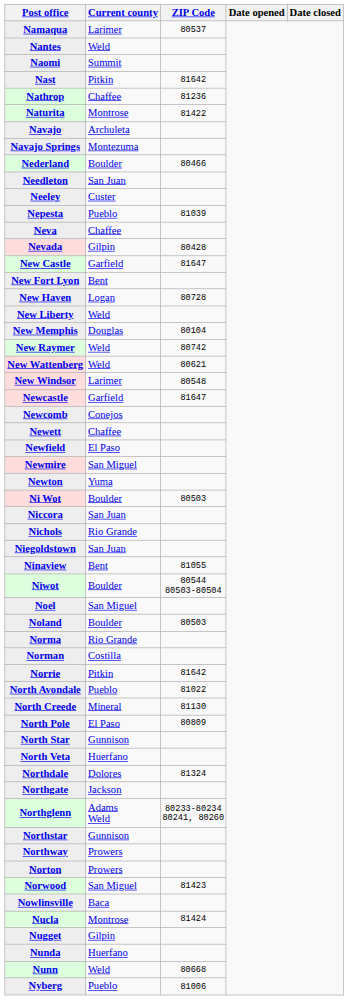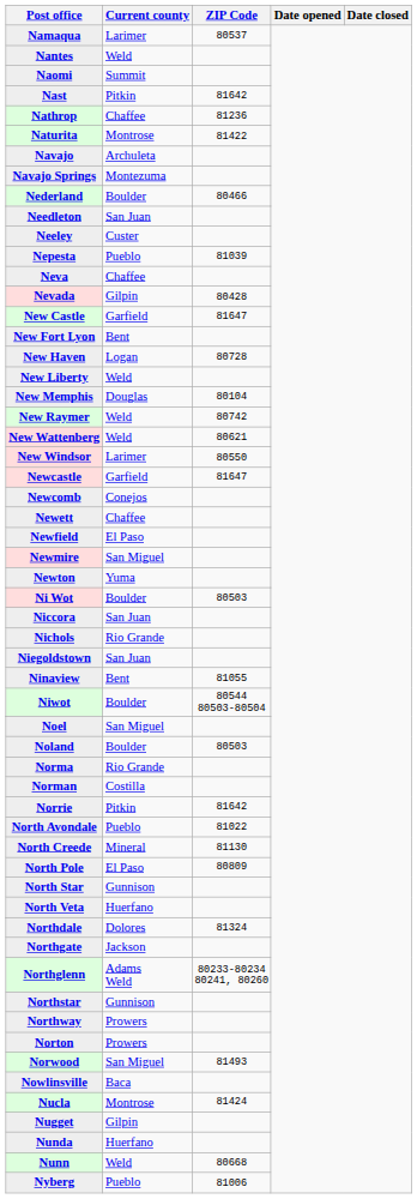 <table class="wikitable sortable  plainrowheaders" style="margin:auto;">
 <tr>
 <th scope=col><a href='#'>Post office</a></th>
 <th scope=col><a href='#'>Current county</a></th>
 <th scope=col><a href='#'>ZIP Code</a></th>
 <th scope=col>Date opened</th>
 <th scope=col>Date closed</th>
 </tr>
 <tr>
 <th scope=row rowspan=1 style="background-color:#EEEEEE;"><a href='#'>Namaqua</a></th>
 <td rowspan=1><a href='#'>Larimer</a></td>
 <td rowspan=1 align=center style="font-family:monospace;">80537<br> </td>
 </tr>
 <tr>
 <th scope=row rowspan=1 style="background-color:#EEEEEE;"><a href='#'>Nantes</a></th>
 <td rowspan=1><a href='#'>Weld</a></td>
 <td rowspan=1 align=center style="font-family:monospace;"><br> </td>
 </tr>
 <tr>
 <th scope=row rowspan=1 style="background-color:#EEEEEE;"><a href='#'>Naomi</a></th>
 <td rowspan=1><a href='#'>Summit</a></td>
 <td rowspan=1 align=center style="font-family:monospace;"><br> </td>
 </tr>
 <tr>
 <th scope=row rowspan=1 style="background-color:#EEEEEE;"><a href='#'>Nast</a></th>
 <td rowspan=1><a href='#'>Pitkin</a></td>
 <td rowspan=1 align=center style="font-family:monospace;">81642<br> </td>
 </tr>
 <tr>
 <th scope=row rowspan=1 style="background-color:#DDFFDD;"><a href='#'>Nathrop</a></th>
 <td rowspan=1><a href='#'>Chaffee</a></td>
 <td rowspan=1 align=center style="font-family:monospace;">81236<br> </td>
 </tr>
 <tr>
 <th scope=row rowspan=1 style="background-color:#DDFFDD;"><a href='#'>Naturita</a></th>
 <td rowspan=1><a href='#'>Montrose</a></td>
 <td rowspan=1 align=center style="font-family:monospace;">81422<br> </td>
 </tr>
 <tr>
 <th scope=row rowspan=1 style="background-color:#EEEEEE;"><a href='#'>Navajo</a></th>
 <td rowspan=1><a href='#'>Archuleta</a></td>
 <td rowspan=1 align=center style="font-family:monospace;"><br> </td>
 </tr>
 <tr>
 <th scope=row rowspan=1 style="background-color:#EEEEEE;"><a href='#'>Navajo Springs</a></th>
 <td rowspan=1><a href='#'>Montezuma</a></td>
 <td rowspan=1 align=center style="font-family:monospace;"><br> </td>
 </tr>
 <tr>
 <th scope=row rowspan=1 style="background-color:#DDFFDD;"><a href='#'>Nederland</a></th>
 <td rowspan=1><a href='#'>Boulder</a></td>
 <td rowspan=1 align=center style="font-family:monospace;">80466<br> </td>
 </tr>
 <tr>
 <th scope=row rowspan=3 style="background-color:#EEEEEE;"><a href='#'>Needleton</a></th>
 <td rowspan=3><a href='#'>San Juan</a></td>
 <td rowspan=3 align=center style="font-family:monospace;"><br> </td>
 </tr>
 <tr>
 </tr>
 <tr>
 </tr>
 <tr>
 <th scope=row rowspan=1 style="background-color:#EEEEEE;"><a href='#'>Neeley</a></th>
 <td rowspan=1><a href='#'>Custer</a></td>
 <td rowspan=1 align=center style="font-family:monospace;"><br> </td>
 </tr>
 <tr>
 <th scope=row rowspan=1 style="background-color:#EEEEEE;"><a href='#'>Nepesta</a></th>
 <td rowspan=1><a href='#'>Pueblo</a></td>
 <td rowspan=1 align=center style="font-family:monospace;">81039<br> </td>
 </tr>
 <tr>
 <th scope=row rowspan=1 style="background-color:#EEEEEE;"><a href='#'>Neva</a></th>
 <td rowspan=1><a href='#'>Chaffee</a></td>
 <td rowspan=1 align=center style="font-family:monospace;"><br> </td>
 </tr>
 <tr>
 <th scope=row rowspan=1 style="background-color:#FFDDDD;"><a href='#'>Nevada</a></th>
 <td rowspan=1><a href='#'>Gilpin</a></td>
 <td rowspan=1 align=center style="font-family:monospace;">80428<br> </td>
 </tr>
 <tr>
 <th scope=row rowspan=1 style="background-color:#DDFFDD;"><a href='#'>New Castle</a></th>
 <td rowspan=1><a href='#'>Garfield</a></td>
 <td rowspan=1 align=center style="font-family:monospace;">81647<br> </td>
 </tr>
 <tr>
 <th scope=row rowspan=1 style="background-color:#EEEEEE;"><a href='#'>New Fort Lyon</a></th>
 <td rowspan=1><a href='#'>Bent</a></td>
 <td rowspan=1 align=center style="font-family:monospace;"><br> </td>
 </tr>
 <tr>
 <th scope=row rowspan=1 style="background-color:#EEEEEE;"><a href='#'>New Haven</a></th>
 <td rowspan=1><a href='#'>Logan</a></td>
 <td rowspan=1 align=center style="font-family:monospace;">80728<br> </td>
 </tr>
 <tr>
 <th scope=row rowspan=1 style="background-color:#EEEEEE;"><a href='#'>New Liberty</a></th>
 <td rowspan=1><a href='#'>Weld</a></td>
 <td rowspan=1 align=center style="font-family:monospace;"><br> </td>
 </tr>
 <tr>
 <th scope=row rowspan=1 style="background-color:#EEEEEE;"><a href='#'>New Memphis</a></th>
 <td rowspan=1><a href='#'>Douglas</a></td>
 <td rowspan=1 align=center style="font-family:monospace;">80104<br> </td>
 </tr>
 <tr>
 <th scope=row rowspan=1 style="background-color:#DDFFDD;"><a href='#'>New Raymer</a></th>
 <td rowspan=1><a href='#'>Weld</a></td>
 <td rowspan=1 align=center style="font-family:monospace;">80742<br> </td>
 </tr>
 <tr>
 <th scope=row rowspan=1 style="background-color:#FFDDDD;"><a href='#'>New Wattenberg</a></th>
 <td rowspan=1><a href='#'>Weld</a></td>
 <td rowspan=1 align=center style="font-family:monospace;">80621<br> </td>
 </tr>
 <tr>
 <th scope=row rowspan=1 style="background-color:#FFDDDD;"><a href='#'>New Windsor</a></th>
 <td rowspan=1><a href='#'>Larimer</a></td>
-<td rowspan=1 align=center style="font-family:monospace;">80548<br> </td>
+<td rowspan=1 align=center style="font-family:monospace;">80550<br> </td>
 </tr>
 <tr>
 <th scope=row rowspan=1 style="background-color:#FFDDDD;"><a href='#'>Newcastle</a></th>
 <td rowspan=1><a href='#'>Garfield</a></td>
 <td rowspan=1 align=center style="font-family:monospace;">81647<br> </td>
 </tr>
 <tr>
 <th scope=row rowspan=1 style="background-color:#EEEEEE;"><a href='#'>Newcomb</a></th>
 <td rowspan=1><a href='#'>Conejos</a></td>
 <td rowspan=1 align=center style="font-family:monospace;"><br> </td>
 </tr>
 <tr>
 <th scope=row rowspan=2 style="background-color:#EEEEEE;"><a href='#'>Newett</a></th>
 <td rowspan=2><a href='#'>Chaffee</a></td>
 <td rowspan=2 align=center style="font-family:monospace;"><br> </td>
 </tr>
 <tr>
 </tr>
 <tr>
 <th scope=row rowspan=1 style="background-color:#EEEEEE;"><a href='#'>Newfield</a></th>
 <td rowspan=1><a href='#'>El Paso</a></td>
 <td rowspan=1 align=center style="font-family:monospace;"><br> </td>
 </tr>
 <tr>
 <th scope=row rowspan=1 style="background-color:#FFDDDD;"><a href='#'>Newmire</a></th>
 <td rowspan=1><a href='#'>San Miguel</a></td>
 <td rowspan=1 align=center style="font-family:monospace;"><br> </td>
 </tr>
 <tr>
 <th scope=row rowspan=1 style="background-color:#EEEEEE;"><a href='#'>Newton</a></th>
 <td rowspan=1><a href='#'>Yuma</a></td>
 <td rowspan=1 align=center style="font-family:monospace;"><br> </td>
 </tr>
 <tr>
 <th scope=row rowspan=2 style="background-color:#FFDDDD;"><a href='#'>Ni Wot</a></th>
 <td rowspan=2><a href='#'>Boulder</a></td>
 <td rowspan=2 align=center style="font-family:monospace;">80503<br> </td>
 </tr>
 <tr>
 </tr>
 <tr>
 <th scope=row rowspan=1 style="background-color:#EEEEEE;"><a href='#'>Niccora</a></th>
 <td rowspan=1><a href='#'>San Juan</a></td>
 <td rowspan=1 align=center style="font-family:monospace;"><br> </td>
 </tr>
 <tr>
 <th scope=row rowspan=1 style="background-color:#EEEEEE;"><a href='#'>Nichols</a></th>
 <td rowspan=1><a href='#'>Rio Grande</a></td>
 <td rowspan=1 align=center style="font-family:monospace;"><br> </td>
 </tr>
 <tr>
 <th scope=row rowspan=1 style="background-color:#EEEEEE;"><a href='#'>Niegoldstown</a></th>
 <td rowspan=1><a href='#'>San Juan</a></td>
 <td rowspan=1 align=center style="font-family:monospace;"><br> </td>
 </tr>
 <tr>
 <th scope=row rowspan=1 style="background-color:#EEEEEE;"><a href='#'>Ninaview</a></th>
 <td rowspan=1><a href='#'>Bent</a></td>
 <td rowspan=1 align=center style="font-family:monospace;">81055<br> </td>
 </tr>
 <tr>
 <th scope=row rowspan=1 style="background-color:#DDFFDD;"><a href='#'>Niwot</a></th>
 <td rowspan=1><a href='#'>Boulder</a></td>
 <td rowspan=1 align=center style="font-family:monospace;">80544<br>80503-80504<br> </td>
 </tr>
 <tr>
 <th scope=row rowspan=2 style="background-color:#EEEEEE;"><a href='#'>Noel</a></th>
 <td rowspan=2><a href='#'>San Miguel</a></td>
 <td rowspan=2 align=center style="font-family:monospace;"><br> </td>
 </tr>
 <tr>
 </tr>
 <tr>
 <th scope=row rowspan=2 style="background-color:#EEEEEE;"><a href='#'>Noland</a></th>
 <td rowspan=2><a href='#'>Boulder</a></td>
 <td rowspan=2 align=center style="font-family:monospace;">80503<br> </td>
 </tr>
 <tr>
 </tr>
 <tr>
 <th scope=row rowspan=1 style="background-color:#EEEEEE;"><a href='#'>Norma</a></th>
 <td rowspan=1><a href='#'>Rio Grande</a></td>
 <td rowspan=1 align=center style="font-family:monospace;"><br> </td>
 </tr>
 <tr>
 <th scope=row rowspan=1 style="background-color:#EEEEEE;"><a href='#'>Norman</a></th>
 <td rowspan=1><a href='#'>Costilla</a></td>
 <td rowspan=1 align=center style="font-family:monospace;"><br> </td>
 </tr>
 <tr>
 <th scope=row rowspan=2 style="background-color:#EEEEEE;"><a href='#'>Norrie</a></th>
 <td rowspan=2><a href='#'>Pitkin</a></td>
 <td rowspan=2 align=center style="font-family:monospace;">81642<br> </td>
 </tr>
 <tr>
 </tr>
 <tr>
 <th scope=row rowspan=1 style="background-color:#EEEEEE;"><a href='#'>North Avondale</a></th>
 <td rowspan=1><a href='#'>Pueblo</a></td>
 <td rowspan=1 align=center style="font-family:monospace;">81022<br> </td>
 </tr>
 <tr>
 <th scope=row rowspan=1 style="background-color:#EEEEEE;"><a href='#'>North Creede</a></th>
 <td rowspan=1><a href='#'>Mineral</a></td>
 <td rowspan=1 align=center style="font-family:monospace;">81130<br> </td>
 </tr>
 <tr>
 <th scope=row rowspan=1 style="background-color:#EEEEEE;"><a href='#'>North Pole</a></th>
 <td rowspan=1><a href='#'>El Paso</a></td>
 <td rowspan=1 align=center style="font-family:monospace;">80809<br> </td>
 </tr>
 <tr>
 <th scope=row rowspan=1 style="background-color:#EEEEEE;"><a href='#'>North Star</a></th>
 <td rowspan=1><a href='#'>Gunnison</a></td>
 <td rowspan=1 align=center style="font-family:monospace;"><br> </td>
 </tr>
 <tr>
 <th scope=row rowspan=2 style="background-color:#EEEEEE;"><a href='#'>North Veta</a></th>
 <td rowspan=2><a href='#'>Huerfano</a></td>
 <td rowspan=2 align=center style="font-family:monospace;"><br> </td>
 </tr>
 <tr>
 </tr>
 <tr>
 <th scope=row rowspan=2 style="background-color:#EEEEEE;"><a href='#'>Northdale</a></th>
 <td rowspan=2><a href='#'>Dolores</a></td>
 <td rowspan=2 align=center style="font-family:monospace;">81324<br> </td>
 </tr>
 <tr>
 </tr>
 <tr>
 <th scope=row rowspan=1 style="background-color:#EEEEEE;"><a href='#'>Northgate</a></th>
 <td rowspan=1><a href='#'>Jackson</a></td>
 <td rowspan=1 align=center style="font-family:monospace;"><br> </td>
 </tr>
 <tr>
 <th scope=row rowspan=1 style="background-color:#DDFFDD;"><a href='#'>Northglenn</a></th>
 <td rowspan=1><a href='#'>Adams</a><br><a href='#'>Weld</a></td>
 <td rowspan=1 align=center style="font-family:monospace;">80233-80234<br>80241, 80260<br> </td>
 </tr>
 <tr>
 <th scope=row rowspan=1 style="background-color:#EEEEEE;"><a href='#'>Northstar</a></th>
 <td rowspan=1><a href='#'>Gunnison</a></td>
 <td rowspan=1 align=center style="font-family:monospace;"><br> </td>
 </tr>
 <tr>
 <th scope=row rowspan=1 style="background-color:#EEEEEE;"><a href='#'>Northway</a></th>
 <td rowspan=1><a href='#'>Prowers</a></td>
 <td rowspan=1 align=center style="font-family:monospace;"><br> </td>
 </tr>
 <tr>
 <th scope=row rowspan=1 style="background-color:#EEEEEE;"><a href='#'>Norton</a></th>
 <td rowspan=1><a href='#'>Prowers</a></td>
 <td rowspan=1 align=center style="font-family:monospace;"><br> </td>
 </tr>
 <tr>
 <th scope=row rowspan=1 style="background-color:#DDFFDD;"><a href='#'>Norwood</a></th>
 <td rowspan=1><a href='#'>San Miguel</a></td>
-<td rowspan=1 align=center style="font-family:monospace;">81423<br> </td>
+<td rowspan=1 align=center style="font-family:monospace;">81493<br> </td>
 </tr>
 <tr>
 <th scope=row rowspan=1 style="background-color:#EEEEEE;"><a href='#'>Nowlinsville</a></th>
 <td rowspan=1><a href='#'>Baca</a></td>
 <td rowspan=1 align=center style="font-family:monospace;"><br> </td>
 </tr>
 <tr>
 <th scope=row rowspan=1 style="background-color:#DDFFDD;"><a href='#'>Nucla</a></th>
 <td rowspan=1><a href='#'>Montrose</a></td>
 <td rowspan=1 align=center style="font-family:monospace;">81424<br> </td>
 </tr>
 <tr>
 <th scope=row rowspan=1 style="background-color:#EEEEEE;"><a href='#'>Nugget</a></th>
 <td rowspan=1><a href='#'>Gilpin</a></td>
 <td rowspan=1 align=center style="font-family:monospace;"><br> </td>
 </tr>
 <tr>
 <th scope=row rowspan=1 style="background-color:#EEEEEE;"><a href='#'>Nunda</a></th>
 <td rowspan=1><a href='#'>Huerfano</a></td>
 <td rowspan=1 align=center style="font-family:monospace;"><br> </td>
 </tr>
 <tr>
 <th scope=row rowspan=1 style="background-color:#DDFFDD;"><a href='#'>Nunn</a></th>
 <td rowspan=1><a href='#'>Weld</a></td>
 <td rowspan=1 align=center style="font-family:monospace;">80668<br> </td>
 </tr>
 <tr>
 <th scope=row rowspan=1 style="background-color:#EEEEEE;"><a href='#'>Nyberg</a></th>
 <td rowspan=1><a href='#'>Pueblo</a></td>
 <td rowspan=1 align=center style="font-family:monospace;">81006<br> </td>
 </tr>
 </table>
